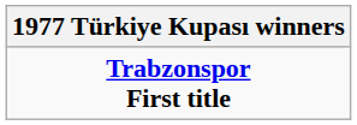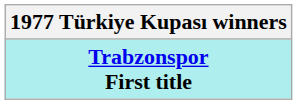 <table class="wikitable" style="text-align: center; margin: 0 auto;">
 <tr>
 <th>1977 Türkiye Kupası winners</th>
 </tr>
 <tr>
-<td><strong><a href='#'>Trabzonspor</a></strong><br><strong>First title</strong></td>
+<td style="background: paleturquoise;"><strong><a href='#'>Trabzonspor</a></strong><br><strong>First title</strong></td>
 </tr>
 </table>
